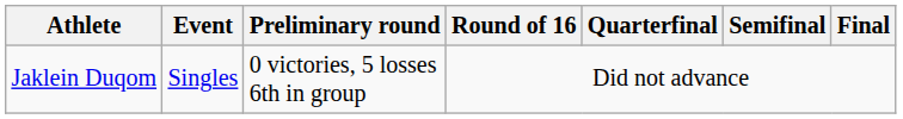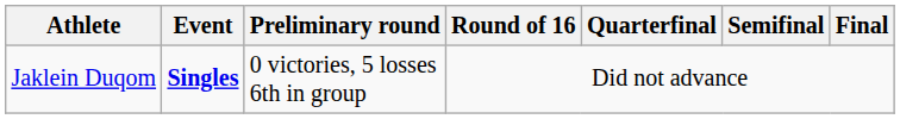 <table class=wikitable style="font-size:90%">
 <tr>
 <th>Athlete</th>
 <th>Event</th>
 <th>Preliminary round</th>
 <th>Round of 16</th>
 <th>Quarterfinal</th>
 <th>Semifinal</th>
 <th>Final</th>
 </tr>
 <tr>
 <td><a href='#'>Jaklein Duqom</a></td>
-<td><a href='#'>Singles</a></td>
+<td><strong><a href='#'>Singles</a></strong></td>
 <td>0 victories, 5 losses<br>6th in group</td>
 <td align=center colspan=4>Did not advance</td>
 </tr>
 </table>
